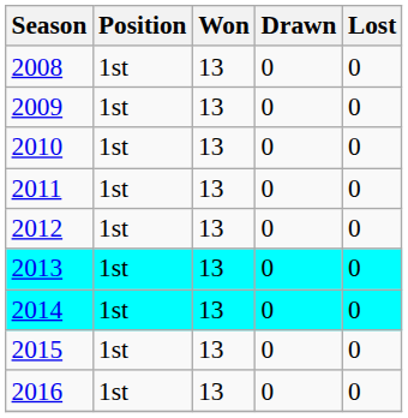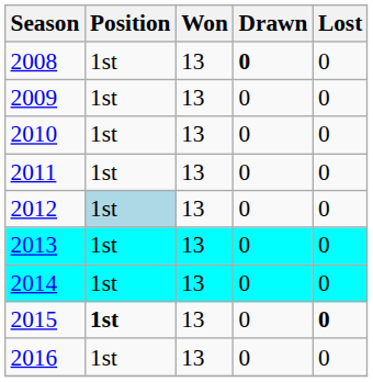 <table class="wikitable collapsible">
 <tr>
 <th>Season</th>
 <th>Position</th>
 <th>Won</th>
 <th>Drawn</th>
 <th>Lost</th>
 </tr>
 <tr>
 <td><a href='#'>2008</a></td>
 <td>1st</td>
 <td>13</td>
-<td>0</td>
+<td><strong>0</strong></td>
 <td>0</td>
 </tr>
 <tr>
 <td><a href='#'>2009</a></td>
 <td>1st</td>
 <td>13</td>
 <td>0</td>
 <td>0</td>
 </tr>
 <tr>
 <td><a href='#'>2010</a></td>
 <td>1st</td>
 <td>13</td>
 <td>0</td>
 <td>0</td>
 </tr>
 <tr style="background-color:#">
 <td><a href='#'>2011</a></td>
 <td>1st</td>
 <td>13</td>
 <td>0</td>
 <td>0</td>
 </tr>
 <tr>
 <td><a href='#'>2012</a></td>
-<td>1st</td>
+<td style="background: lightblue;">1st</td>
 <td>13</td>
 <td>0</td>
 <td>0</td>
 </tr>
 <tr style="background-color:#00FFFF">
 <td><a href='#'>2013</a></td>
 <td>1st</td>
 <td>13</td>
 <td>0</td>
 <td>0</td>
 </tr>
 <tr style="background-color:#00FFFF">
 <td><a href='#'>2014</a></td>
 <td>1st</td>
 <td>13</td>
 <td>0</td>
 <td>0</td>
 </tr>
 <tr style="background-color:#">
 <td><a href='#'>2015</a></td>
-<td>1st</td>
+<td><strong>1st</strong></td>
 <td>13</td>
 <td>0</td>
-<td>0</td>
+<td><strong>0</strong></td>
 </tr>
 <tr style="background-color:#">
 <td><a href='#'>2016</a></td>
 <td>1st</td>
 <td>13</td>
 <td>0</td>
 <td>0</td>
 </tr>
 <tr>
 </tr>
 </table>
